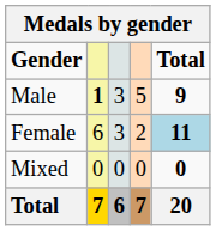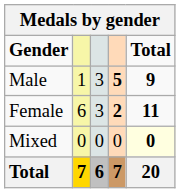 <table class="wikitable" style="text-align:center;font-size:90%">
 <tr style="background:#efefef;">
 <th colspan=7>Medals by gender</th>
 </tr>
 <tr>
 <td><strong>Gender</strong></td>
 <td bgcolor=#f7f6a8></td>
 <td bgcolor=#dce5e5></td>
 <td bgcolor=#ffdab9></td>
 <td><strong>Total</strong></td>
 </tr>
 <tr>
 <td style="text-align:left;">Male</td>
-<td style="background:#F7F6A8;"><strong>1</strong></td>
+<td style="background:#F7F6A8;">1</td>
 <td style="background:#DCE5E5;">3</td>
-<td style="background:#FFDAB9;">5</td>
+<td style="background:#FFDAB9;"><strong>5</strong></td>
 <td><strong>9</strong></td>
 </tr>
 <tr>
 <td style="text-align:left;">Female</td>
 <td style="background:#F7F6A8;">6</td>
 <td style="background:#DCE5E5;">3</td>
-<td style="background:#FFDAB9;">2</td>
-<td style="background: lightblue;"><strong>11</strong></td>
+<td style="background:#FFDAB9;"><strong>2</strong></td>
+<td><strong>11</strong></td>
 </tr>
 <tr>
 <td style="text-align:left;">Mixed</td>
 <td style="background:#F7F6A8;">0</td>
 <td style="background:#DCE5E5;">0</td>
 <td style="background:#FFDAB9;">0</td>
-<td><strong>0</strong></td>
+<td style="background: lightyellow;"><strong>0</strong></td>
 </tr>
 <tr>
 <th style="text-align:left;">Total</th>
 <th style="background:gold;">7</th>
 <th style="background:silver;">6</th>
 <th style="background:#c96;">7</th>
 <th>20</th>
 </tr>
 </table>
